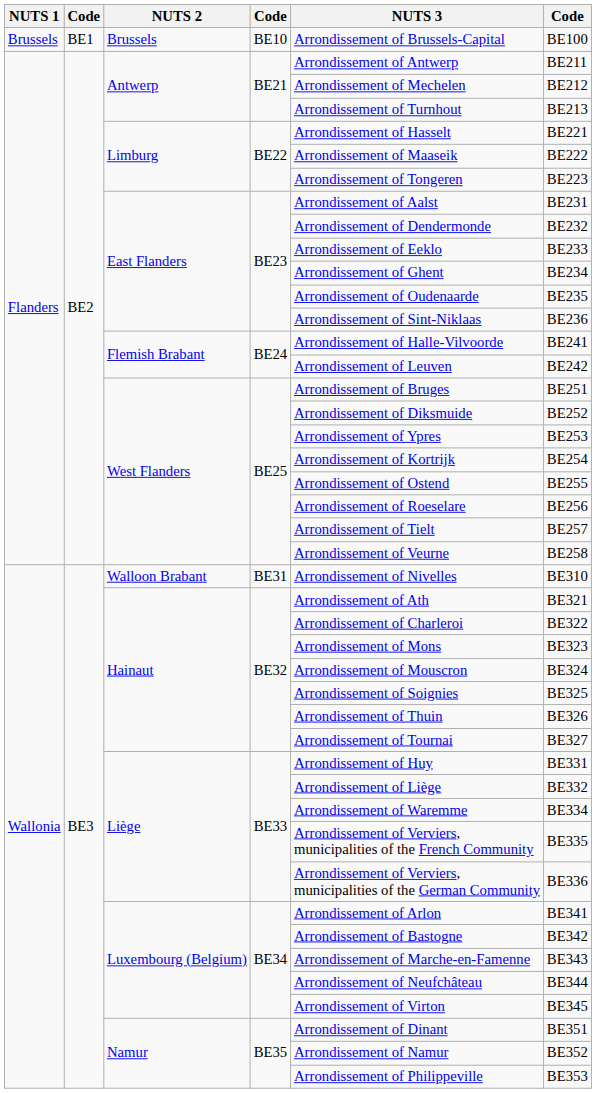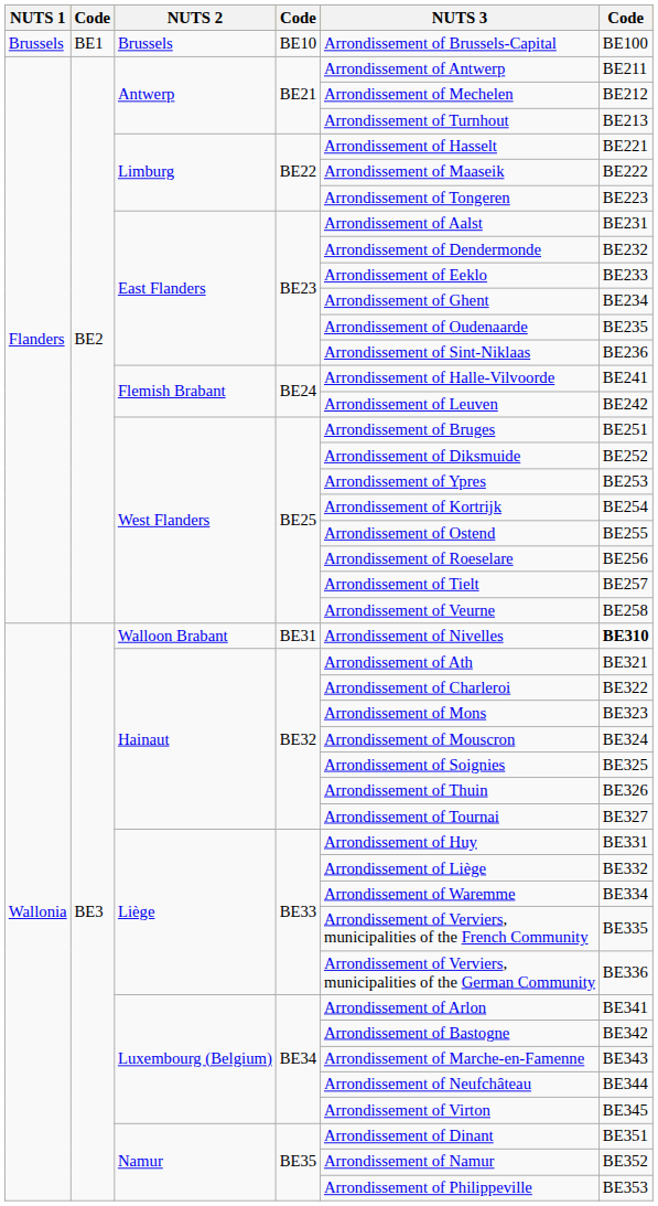 <table class= "wikitable">
 <tr style="background-color:#ffd700;text-align:left">
 <th>NUTS 1</th>
 <th>Code</th>
 <th>NUTS 2</th>
 <th>Code</th>
 <th>NUTS 3</th>
 <th>Code</th>
 </tr>
 <tr>
 <td> <a href='#'>Brussels</a></td>
 <td>BE1</td>
 <td> <a href='#'>Brussels</a></td>
 <td>BE10</td>
 <td> <a href='#'>Arrondissement of Brussels-Capital</a></td>
 <td>BE100</td>
 </tr>
 <tr>
 <td rowspan=22> <a href='#'>Flanders</a></td>
 <td rowspan=22>BE2</td>
 <td rowspan=3> <a href='#'>Antwerp</a></td>
 <td rowspan=3>BE21</td>
 <td><a href='#'>Arrondissement of Antwerp</a></td>
 <td>BE211</td>
 </tr>
 <tr>
 <td><a href='#'>Arrondissement of Mechelen</a></td>
 <td>BE212</td>
 </tr>
 <tr>
 <td><a href='#'>Arrondissement of Turnhout</a></td>
 <td>BE213</td>
 </tr>
 <tr>
 <td rowspan=3> <a href='#'>Limburg</a></td>
 <td rowspan=3>BE22</td>
 <td><a href='#'>Arrondissement of Hasselt</a></td>
 <td>BE221</td>
 </tr>
 <tr>
 <td><a href='#'>Arrondissement of Maaseik</a></td>
 <td>BE222</td>
 </tr>
 <tr>
 <td><a href='#'>Arrondissement of Tongeren</a></td>
 <td>BE223</td>
 </tr>
 <tr>
 <td rowspan=6> <a href='#'>East Flanders</a></td>
 <td rowspan=6>BE23</td>
 <td><a href='#'>Arrondissement of Aalst</a></td>
 <td>BE231</td>
 </tr>
 <tr>
 <td><a href='#'>Arrondissement of Dendermonde</a></td>
 <td>BE232</td>
 </tr>
 <tr>
 <td><a href='#'>Arrondissement of Eeklo</a></td>
 <td>BE233</td>
 </tr>
 <tr>
 <td><a href='#'>Arrondissement of Ghent</a></td>
 <td>BE234</td>
 </tr>
 <tr>
 <td><a href='#'>Arrondissement of Oudenaarde</a></td>
 <td>BE235</td>
 </tr>
 <tr>
 <td><a href='#'>Arrondissement of Sint-Niklaas</a></td>
 <td>BE236</td>
 </tr>
 <tr>
 <td rowspan=2> <a href='#'>Flemish Brabant</a></td>
 <td rowspan=2>BE24</td>
 <td><a href='#'>Arrondissement of Halle-Vilvoorde</a></td>
 <td>BE241</td>
 </tr>
 <tr>
 <td><a href='#'>Arrondissement of Leuven</a></td>
 <td>BE242</td>
 </tr>
 <tr>
 <td rowspan=8> <a href='#'>West Flanders</a></td>
 <td rowspan=8>BE25</td>
 <td><a href='#'>Arrondissement of Bruges</a></td>
 <td>BE251</td>
 </tr>
 <tr>
 <td><a href='#'>Arrondissement of Diksmuide</a></td>
 <td>BE252</td>
 </tr>
 <tr>
 <td><a href='#'>Arrondissement of Ypres</a></td>
 <td>BE253</td>
 </tr>
 <tr>
 <td><a href='#'>Arrondissement of Kortrijk</a></td>
 <td>BE254</td>
 </tr>
 <tr>
 <td><a href='#'>Arrondissement of Ostend</a></td>
 <td>BE255</td>
 </tr>
 <tr>
 <td><a href='#'>Arrondissement of Roeselare</a></td>
 <td>BE256</td>
 </tr>
 <tr>
 <td><a href='#'>Arrondissement of Tielt</a></td>
 <td>BE257</td>
 </tr>
 <tr>
 <td><a href='#'>Arrondissement of Veurne</a></td>
 <td>BE258</td>
 </tr>
 <tr>
 <td rowspan=21> <a href='#'>Wallonia</a></td>
 <td rowspan=21>BE3</td>
 <td> <a href='#'>Walloon Brabant</a></td>
 <td>BE31</td>
 <td><a href='#'>Arrondissement of Nivelles</a></td>
-<td>BE310</td>
+<td><strong>BE310</strong></td>
 </tr>
 <tr>
 <td rowspan=7> <a href='#'>Hainaut</a></td>
 <td rowspan=7>BE32</td>
 <td><a href='#'>Arrondissement of Ath</a></td>
 <td>BE321</td>
 </tr>
 <tr>
 <td><a href='#'>Arrondissement of Charleroi</a></td>
 <td>BE322</td>
 </tr>
 <tr>
 <td><a href='#'>Arrondissement of Mons</a></td>
 <td>BE323</td>
 </tr>
 <tr>
 <td><a href='#'>Arrondissement of Mouscron</a></td>
 <td>BE324</td>
 </tr>
 <tr>
 <td><a href='#'>Arrondissement of Soignies</a></td>
 <td>BE325</td>
 </tr>
 <tr>
 <td><a href='#'>Arrondissement of Thuin</a></td>
 <td>BE326</td>
 </tr>
 <tr>
 <td><a href='#'>Arrondissement of Tournai</a></td>
 <td>BE327</td>
 </tr>
 <tr>
 <td rowspan=5> <a href='#'>Liège</a></td>
 <td rowspan=5>BE33</td>
 <td><a href='#'>Arrondissement of Huy</a></td>
 <td>BE331</td>
 </tr>
 <tr>
 <td><a href='#'>Arrondissement of Liège</a></td>
 <td>BE332</td>
 </tr>
 <tr>
 <td><a href='#'>Arrondissement of Waremme</a></td>
 <td>BE334</td>
 </tr>
 <tr>
 <td><a href='#'>Arrondissement of Verviers</a>,<br>municipalities of the <a href='#'>French Community</a></td>
 <td>BE335</td>
 </tr>
 <tr>
 <td><a href='#'>Arrondissement of Verviers</a>,<br>municipalities of the <a href='#'>German Community</a></td>
 <td>BE336</td>
 </tr>
 <tr>
 <td rowspan=5> <a href='#'>Luxembourg (Belgium)</a></td>
 <td rowspan=5>BE34</td>
 <td><a href='#'>Arrondissement of Arlon</a></td>
 <td>BE341</td>
 </tr>
 <tr>
 <td><a href='#'>Arrondissement of Bastogne</a></td>
 <td>BE342</td>
 </tr>
 <tr>
 <td><a href='#'>Arrondissement of Marche-en-Famenne</a></td>
 <td>BE343</td>
 </tr>
 <tr>
 <td><a href='#'>Arrondissement of Neufchâteau</a></td>
 <td>BE344</td>
 </tr>
 <tr>
 <td><a href='#'>Arrondissement of Virton</a></td>
 <td>BE345</td>
 </tr>
 <tr>
 <td rowspan=3> <a href='#'>Namur</a></td>
 <td rowspan=3>BE35</td>
 <td><a href='#'>Arrondissement of Dinant</a></td>
 <td>BE351</td>
 </tr>
 <tr>
 <td><a href='#'>Arrondissement of Namur</a></td>
 <td>BE352</td>
 </tr>
 <tr>
 <td><a href='#'>Arrondissement of Philippeville</a></td>
 <td>BE353</td>
 </tr>
 </table>
